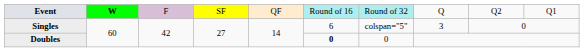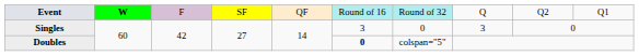 <table class=wikitable style=font-size:90%;text-align:center>
 <tr>
 <td style="width:130px; background:#dfe2e9;"><strong>Event</strong></td>
 <td style="width:80px; background:lime;"><strong>W</strong></td>
 <td style="width:85px; background:thistle;">F</td>
 <td style="width:85px; background:#ff0;">SF</td>
 <td style="width:85px; background:#ffebcd;">QF</td>
 <td style="width:85px; background:#afeeee;">Round of 16</td>
 <td style="width:85px; background:#afeeee;">Round of 32</td>
 <td width=85>Q</td>
 <td width=85>Q2</td>
 <td width=85>Q1</td>
 </tr>
 <tr>
 <th style="background:#ededed;">Singles</th>
 <td rowspan=2>60</td>
 <td rowspan=2>42</td>
 <td rowspan=2>27</td>
 <td rowspan=2>14</td>
-<td>6</td>
-<td>colspan="5" </td>
+<td>3</td>
+<td>0</td>
 <td>3</td>
 <td colspan=2>0</td>
 </tr>
 <tr>
 <th style="background:#ededed;">Doubles</th>
 <td><strong>0</strong></td>
-<td>0</td>
+<td>colspan="5" </td>
 </tr>
 </table>
